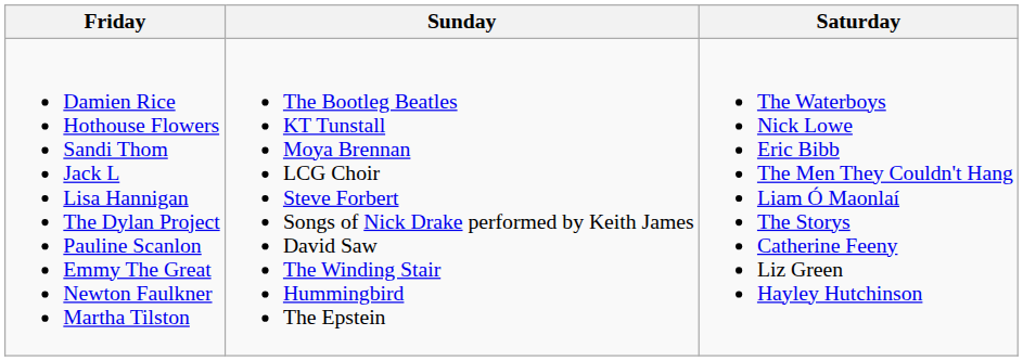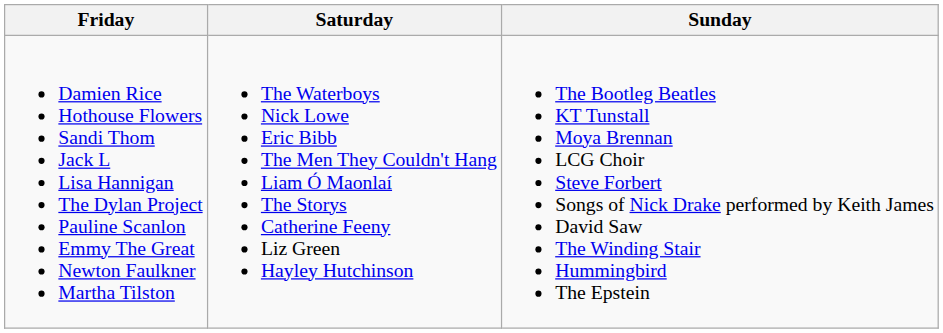 <table class="wikitable">
 <tr>
 <th>Friday</th>
+<th>Saturday</th>
 <th>Sunday</th>
-<th>Saturday</th>
 </tr>
 <tr valign="top">
 <td><br><ul><li><a href='#'>Damien Rice</a></li><li><a href='#'>Hothouse Flowers</a></li><li><a href='#'>Sandi Thom</a></li><li><a href='#'>Jack L</a></li><li><a href='#'>Lisa Hannigan</a></li><li><a href='#'>The Dylan Project</a></li><li><a href='#'>Pauline Scanlon</a></li><li><a href='#'>Emmy The Great</a></li><li><a href='#'>Newton Faulkner</a></li><li><a href='#'>Martha Tilston</a></li></ul></td>
+<td><br><ul><li><a href='#'>The Waterboys</a></li><li><a href='#'>Nick Lowe</a></li><li><a href='#'>Eric Bibb</a></li><li><a href='#'>The Men They Couldn't Hang</a></li><li><a href='#'>Liam Ó Maonlaí</a></li><li><a href='#'>The Storys</a></li><li><a href='#'>Catherine Feeny</a></li><li>Liz Green</li><li><a href='#'>Hayley Hutchinson</a></li></ul></td>
 <td><br><ul><li><a href='#'>The Bootleg Beatles</a></li><li><a href='#'>KT Tunstall</a></li><li><a href='#'>Moya Brennan</a></li><li>LCG Choir</li><li><a href='#'>Steve Forbert</a></li><li>Songs of <a href='#'>Nick Drake</a> performed by Keith James</li><li>David Saw</li><li><a href='#'>The Winding Stair</a></li><li><a href='#'>Hummingbird</a></li><li>The Epstein</li></ul></td>
-<td><br><ul><li><a href='#'>The Waterboys</a></li><li><a href='#'>Nick Lowe</a></li><li><a href='#'>Eric Bibb</a></li><li><a href='#'>The Men They Couldn't Hang</a></li><li><a href='#'>Liam Ó Maonlaí</a></li><li><a href='#'>The Storys</a></li><li><a href='#'>Catherine Feeny</a></li><li>Liz Green</li><li><a href='#'>Hayley Hutchinson</a></li></ul></td>
 </tr>
 </table>
